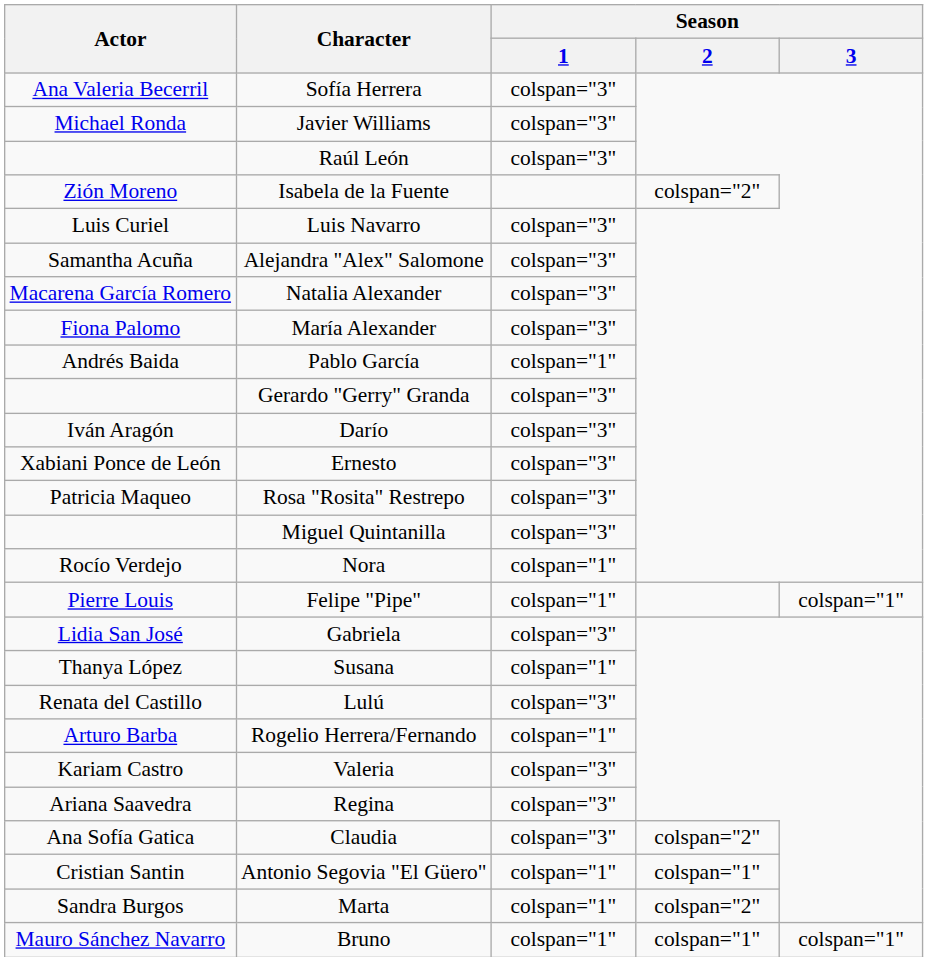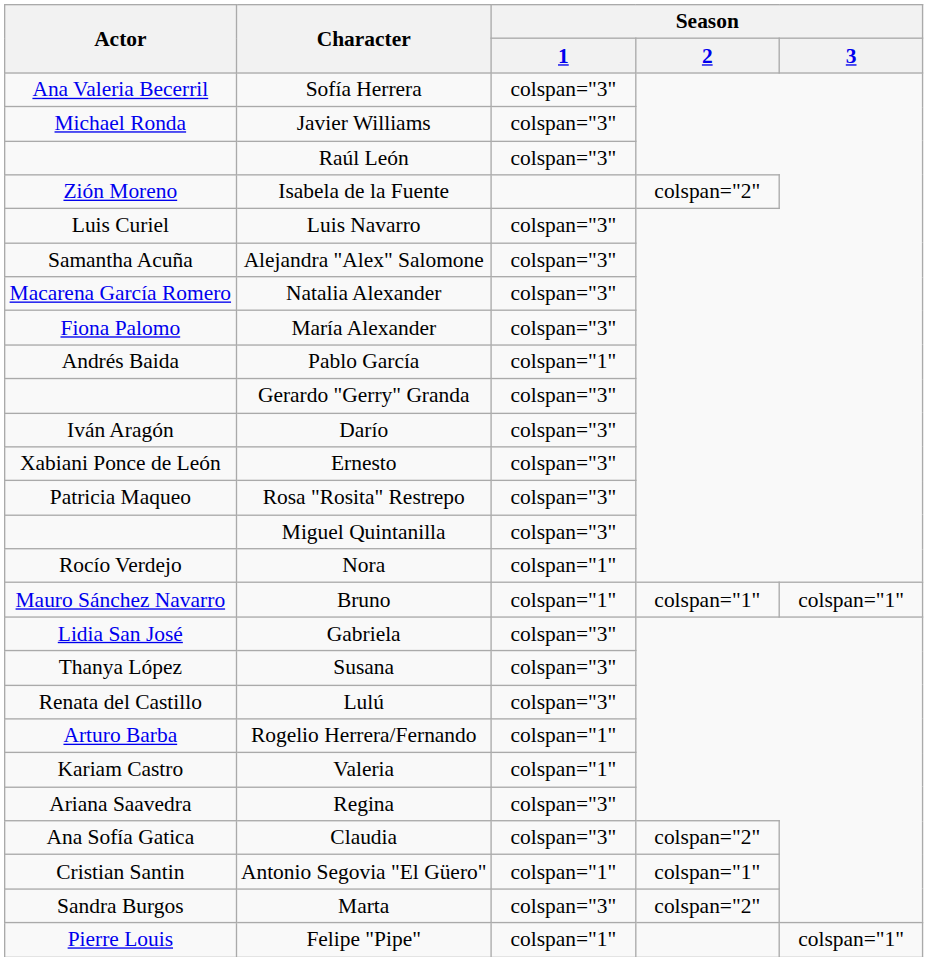 <table class="wikitable plainrowheaders" style="text-align:center;">
 <tr>
 <th scope="col" rowspan="2">Actor</th>
 <th scope="col" rowspan="2">Character</th>
 <th colspan="3" scope="col">Season</th>
 </tr>
 <tr>
 <th scope="col" style="width:100px;"><a href='#'>1</a></th>
 <th scope="col" style="width:100px;"><a href='#'>2</a></th>
 <th scope="col" style="width:100px;"><a href='#'>3</a></th>
 </tr>
 <tr>
 <td><a href='#'>Ana Valeria Becerril</a></td>
 <td>Sofía Herrera</td>
 <td>colspan="3" </td>
 </tr>
 <tr>
 <td><a href='#'>Michael Ronda</a></td>
 <td>Javier Williams</td>
 <td>colspan="3" </td>
 </tr>
 <tr>
 <td></td>
 <td>Raúl León</td>
 <td>colspan="3" </td>
 </tr>
 <tr>
 <td><a href='#'>Zión Moreno</a></td>
 <td>Isabela de la Fuente</td>
 <td></td>
 <td>colspan="2" </td>
 </tr>
 <tr>
 <td>Luis Curiel</td>
 <td>Luis Navarro</td>
 <td>colspan="3" </td>
 </tr>
 <tr>
 <td>Samantha Acuña</td>
 <td>Alejandra "Alex" Salomone</td>
 <td>colspan="3" </td>
 </tr>
 <tr>
 <td><a href='#'>Macarena García Romero</a></td>
 <td>Natalia Alexander</td>
 <td>colspan="3" </td>
 </tr>
 <tr>
 <td><a href='#'>Fiona Palomo</a></td>
 <td>María Alexander</td>
 <td>colspan="3" </td>
 </tr>
 <tr>
 <td>Andrés Baida</td>
 <td>Pablo García</td>
 <td>colspan="1" </td>
 </tr>
 <tr>
 <td></td>
 <td>Gerardo "Gerry" Granda</td>
 <td>colspan="3" </td>
 </tr>
 <tr>
 <td>Iván Aragón</td>
 <td>Darío</td>
 <td>colspan="3" </td>
 </tr>
 <tr>
 <td>Xabiani Ponce de León</td>
 <td>Ernesto</td>
 <td>colspan="3" </td>
 </tr>
 <tr>
 <td>Patricia Maqueo</td>
 <td>Rosa "Rosita" Restrepo</td>
 <td>colspan="3" </td>
 </tr>
 <tr>
 <td></td>
 <td>Miguel Quintanilla</td>
 <td>colspan="3" </td>
 </tr>
 <tr>
 <td>Rocío Verdejo</td>
 <td>Nora</td>
 <td>colspan="1" </td>
 </tr>
 <tr>
-<td><a href='#'>Pierre Louis</a></td>
-<td>Felipe "Pipe"</td>
+<td><a href='#'>Mauro Sánchez Navarro</a></td>
+<td>Bruno</td>
 <td>colspan="1" </td>
-<td></td>
+<td>colspan="1" </td>
 <td>colspan="1" </td>
 </tr>
 <tr>
 <td><a href='#'>Lidia San José</a></td>
 <td>Gabriela</td>
 <td>colspan="3" </td>
 </tr>
 <tr>
 <td>Thanya López</td>
 <td>Susana</td>
-<td>colspan="1" </td>
+<td>colspan="3" </td>
 </tr>
 <tr>
 <td>Renata del Castillo</td>
 <td>Lulú</td>
 <td>colspan="3" </td>
 </tr>
 <tr>
 <td><a href='#'>Arturo Barba</a></td>
 <td>Rogelio Herrera/Fernando</td>
 <td>colspan="1" </td>
 </tr>
 <tr>
 <td>Kariam Castro</td>
 <td>Valeria</td>
-<td>colspan="3" </td>
+<td>colspan="1" </td>
 </tr>
 <tr>
 <td>Ariana Saavedra</td>
 <td>Regina</td>
 <td>colspan="3" </td>
 </tr>
 <tr>
 <td>Ana Sofía Gatica</td>
 <td>Claudia</td>
 <td>colspan="3" </td>
 <td>colspan="2" </td>
 </tr>
 <tr>
 <td>Cristian Santin</td>
 <td>Antonio Segovia "El Güero"</td>
 <td>colspan="1" </td>
 <td>colspan="1" </td>
 </tr>
 <tr>
 <td>Sandra Burgos</td>
 <td>Marta</td>
-<td>colspan="1" </td>
+<td>colspan="3" </td>
 <td>colspan="2" </td>
 </tr>
 <tr>
-<td><a href='#'>Mauro Sánchez Navarro</a></td>
-<td>Bruno</td>
+<td><a href='#'>Pierre Louis</a></td>
+<td>Felipe "Pipe"</td>
 <td>colspan="1" </td>
-<td>colspan="1" </td>
+<td></td>
 <td>colspan="1" </td>
 </tr>
 </table>
